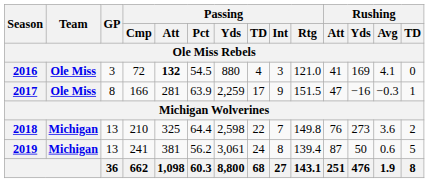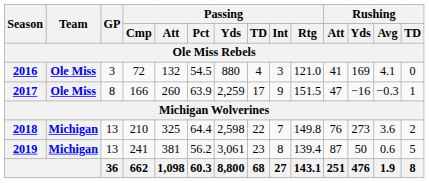 <table class="wikitable" style="text-align:center;">
 <tr>
 <th rowspan="2">Season</th>
 <th rowspan="2">Team</th>
 <th rowspan="2">GP</th>
 <th colspan="7">Passing</th>
 <th colspan="4">Rushing</th>
 </tr>
 <tr>
 <th>Cmp</th>
 <th>Att</th>
 <th>Pct</th>
 <th>Yds</th>
 <th>TD</th>
 <th>Int</th>
 <th>Rtg</th>
 <th>Att</th>
 <th>Yds</th>
 <th>Avg</th>
 <th>TD</th>
 </tr>
 <tr>
 <th colspan="14">Ole Miss Rebels</th>
 </tr>
 <tr>
 <th><a href='#'>2016</a></th>
 <th><a href='#'>Ole Miss</a></th>
 <td>3</td>
 <td>72</td>
-<td><strong>132</strong></td>
+<td>132</td>
 <td>54.5</td>
 <td>880</td>
 <td>4</td>
 <td>3</td>
 <td>121.0</td>
 <td>41</td>
 <td>169</td>
 <td>4.1</td>
 <td>0</td>
 </tr>
 <tr>
 <th><a href='#'>2017</a></th>
 <th><a href='#'>Ole Miss</a></th>
 <td>8</td>
 <td>166</td>
-<td>281</td>
+<td>260</td>
 <td>63.9</td>
 <td>2,259</td>
 <td>17</td>
 <td>9</td>
 <td>151.5</td>
 <td>47</td>
 <td>−16</td>
 <td>−0.3</td>
 <td>1</td>
 </tr>
 <tr>
 <th colspan="14">Michigan Wolverines</th>
 </tr>
 <tr>
 <th><a href='#'>2018</a></th>
 <th><a href='#'>Michigan</a></th>
 <td>13</td>
 <td>210</td>
 <td>325</td>
 <td>64.4</td>
 <td>2,598</td>
 <td>22</td>
 <td>7</td>
 <td>149.8</td>
 <td>76</td>
 <td>273</td>
 <td>3.6</td>
 <td>2</td>
 </tr>
 <tr>
 <th><a href='#'>2019</a></th>
 <th><a href='#'>Michigan</a></th>
 <td>13</td>
 <td>241</td>
 <td>381</td>
 <td>56.2</td>
 <td>3,061</td>
-<td>24</td>
+<td>23</td>
 <td>8</td>
 <td>139.4</td>
 <td>87</td>
 <td>50</td>
 <td>0.6</td>
 <td>5</td>
 </tr>
 <tr>
 <th colspan="2"></th>
 <th>36</th>
 <th>662</th>
 <th>1,098</th>
 <th>60.3</th>
 <th>8,800</th>
 <th>68</th>
 <th>27</th>
 <th>143.1</th>
 <th>251</th>
 <th>476</th>
 <th>1.9</th>
 <th>8</th>
 </tr>
 </table>
